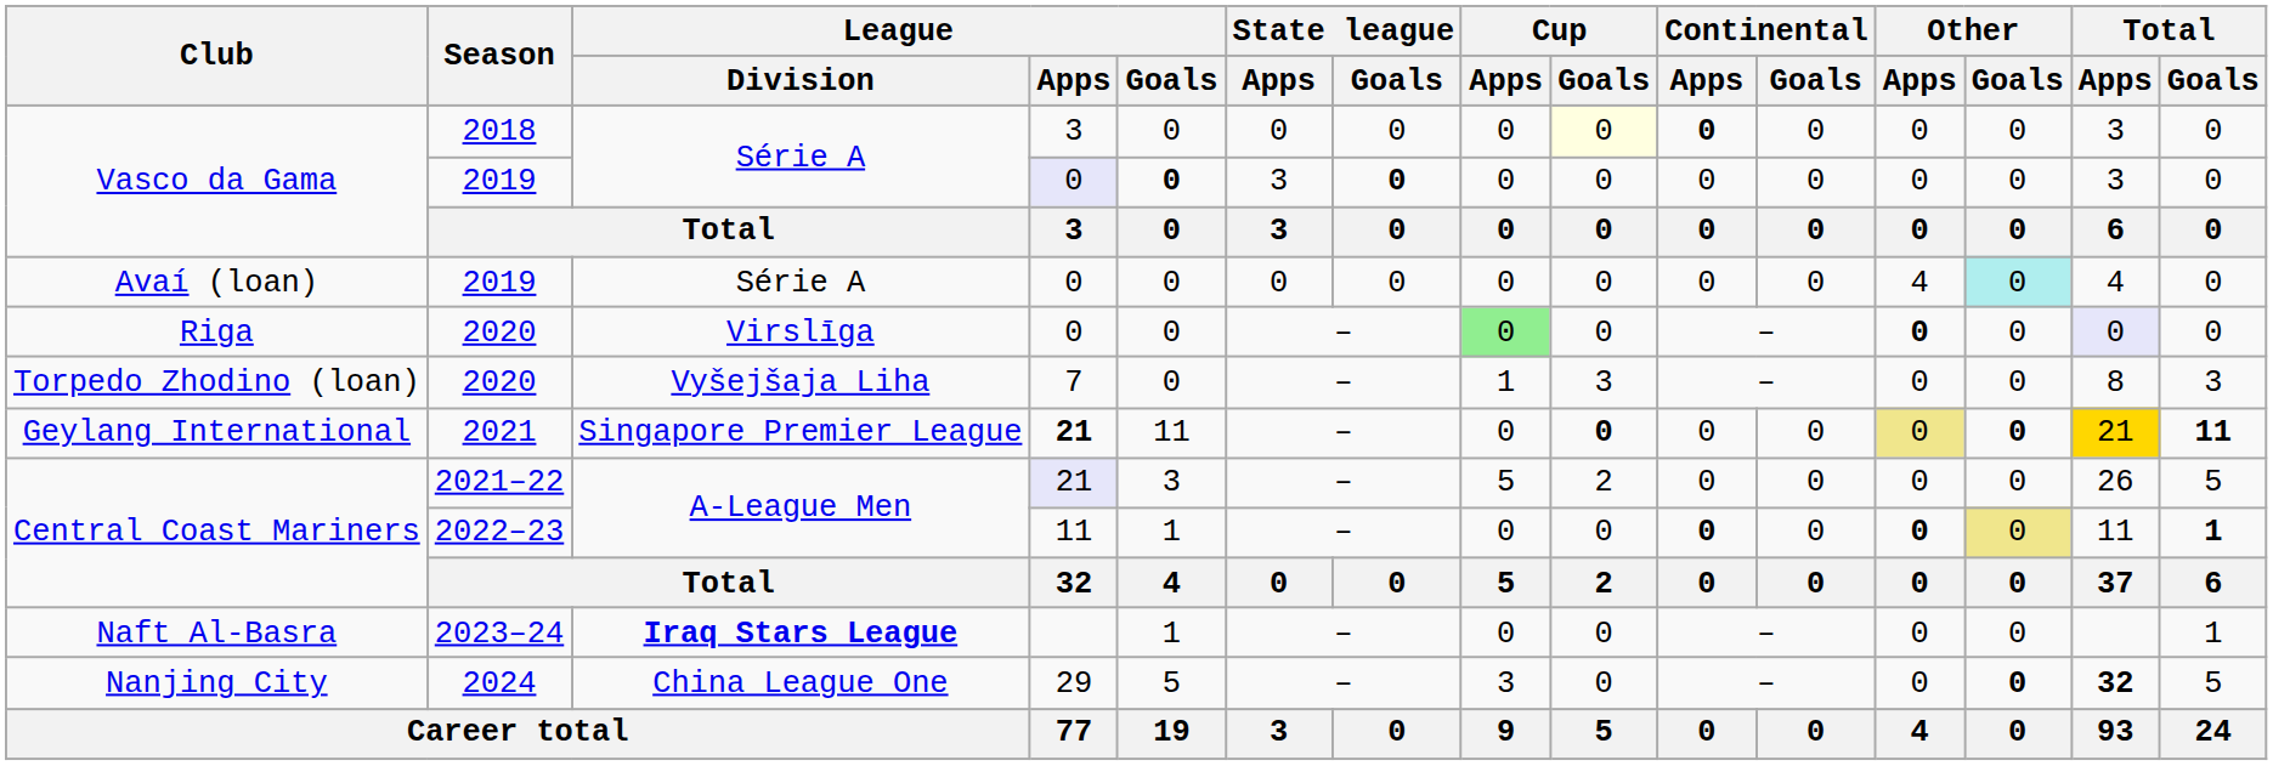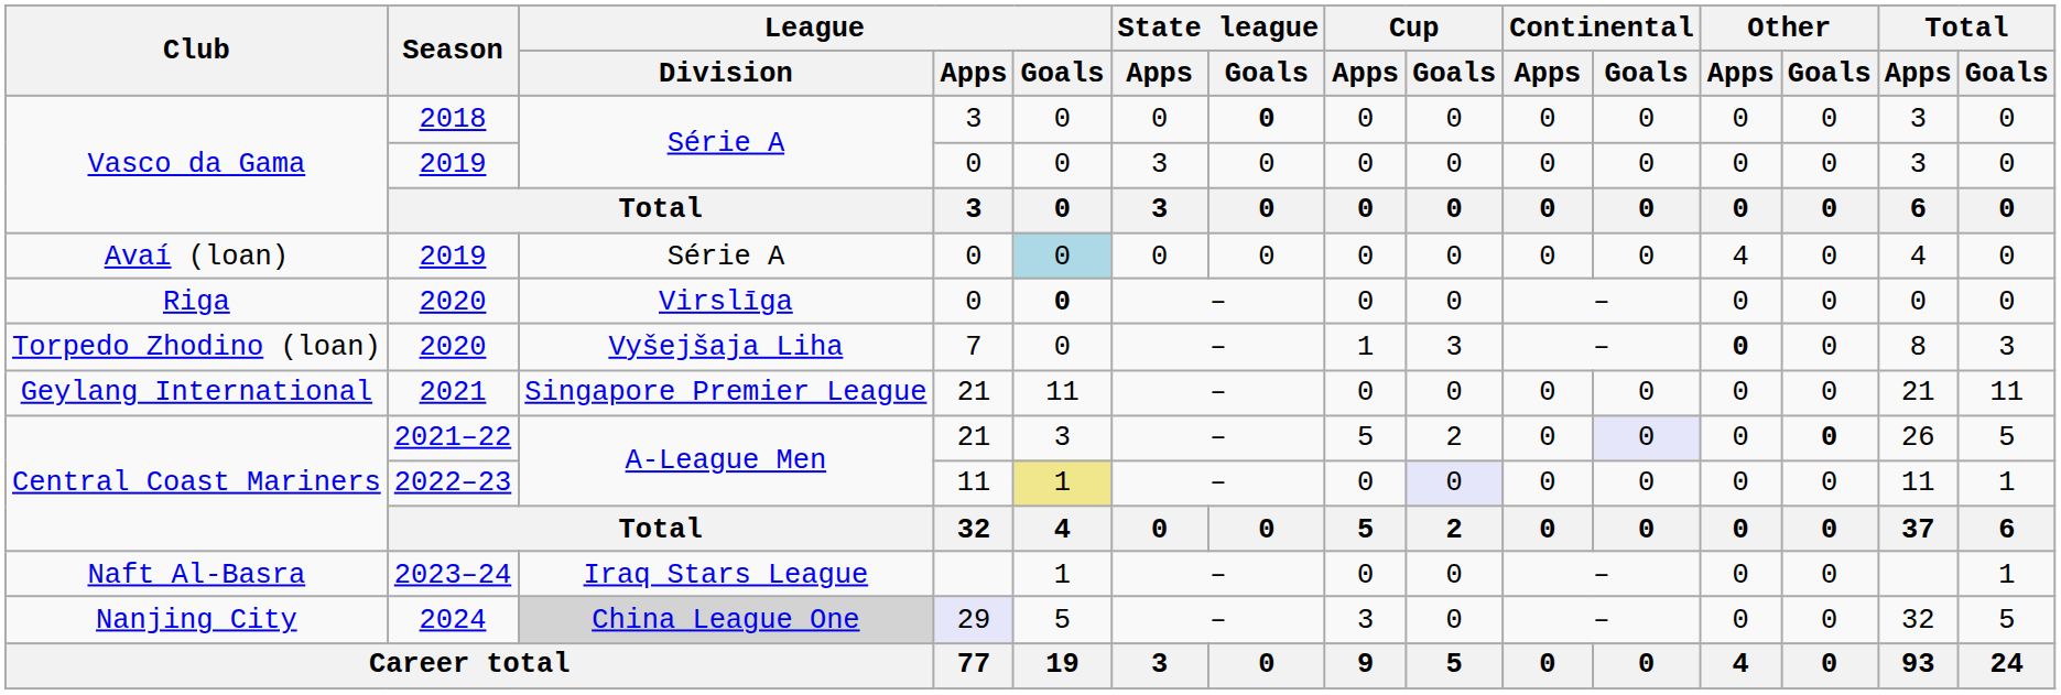 <table class="wikitable" style="text-align:center">
 <tr>
 <th rowspan="2">Club</th>
 <th rowspan="2">Season</th>
 <th colspan="3">League</th>
 <th colspan="2">State league</th>
 <th colspan="2">Cup</th>
 <th colspan="2">Continental</th>
 <th colspan="2">Other</th>
 <th colspan="2">Total</th>
 </tr>
 <tr>
 <th>Division</th>
 <th>Apps</th>
 <th>Goals</th>
 <th>Apps</th>
 <th>Goals</th>
 <th>Apps</th>
 <th>Goals</th>
 <th>Apps</th>
 <th>Goals</th>
 <th>Apps</th>
 <th>Goals</th>
 <th>Apps</th>
 <th>Goals</th>
 </tr>
 <tr>
 <td rowspan="3"><a href='#'>Vasco da Gama</a></td>
 <td><a href='#'>2018</a></td>
 <td rowspan="2"><a href='#'>Série A</a></td>
 <td>3</td>
 <td>0</td>
 <td>0</td>
+<td><strong>0</strong></td>
 <td>0</td>
 <td>0</td>
-<td style="background: lightyellow;">0</td>
-<td><strong>0</strong></td>
+<td>0</td>
 <td>0</td>
 <td>0</td>
 <td>0</td>
 <td>3</td>
 <td>0</td>
 </tr>
 <tr>
 <td><a href='#'>2019</a></td>
-<td style="background: lavender;">0</td>
-<td><strong>0</strong></td>
+<td>0</td>
+<td>0</td>
 <td>3</td>
-<td><strong>0</strong></td>
+<td>0</td>
 <td>0</td>
 <td>0</td>
 <td>0</td>
 <td>0</td>
 <td>0</td>
 <td>0</td>
 <td>3</td>
 <td>0</td>
 </tr>
 <tr>
 <th colspan="2">Total</th>
 <th>3</th>
 <th>0</th>
 <th>3</th>
 <th>0</th>
 <th>0</th>
 <th>0</th>
 <th>0</th>
 <th>0</th>
 <th>0</th>
 <th>0</th>
 <th>6</th>
 <th>0</th>
 </tr>
 <tr>
 <td><a href='#'>Avaí</a> (loan)</td>
 <td><a href='#'>2019</a></td>
 <td>Série A</td>
 <td>0</td>
-<td>0</td>
+<td style="background: lightblue;">0</td>
 <td>0</td>
 <td>0</td>
 <td>0</td>
 <td>0</td>
 <td>0</td>
 <td>0</td>
 <td>4</td>
-<td style="background: paleturquoise;">0</td>
+<td>0</td>
 <td>4</td>
 <td>0</td>
 </tr>
 <tr>
 <td><a href='#'>Riga</a></td>
 <td><a href='#'>2020</a></td>
 <td><a href='#'>Virslīga</a></td>
 <td>0</td>
+<td><strong>0</strong></td>
+<td colspan="2">–</td>
+<td>0</td>
 <td>0</td>
 <td colspan="2">–</td>
-<td style="background: lightgreen;">0</td>
 <td>0</td>
-<td colspan="2">–</td>
-<td><strong>0</strong></td>
 <td>0</td>
-<td style="background: lavender;">0</td>
+<td>0</td>
 <td>0</td>
 </tr>
 <tr>
 <td><a href='#'>Torpedo Zhodino</a> (loan)</td>
 <td><a href='#'>2020</a></td>
 <td><a href='#'>Vyšejšaja Liha</a></td>
 <td>7</td>
 <td>0</td>
 <td colspan="2">–</td>
 <td>1</td>
 <td>3</td>
 <td colspan="2">–</td>
-<td>0</td>
+<td><strong>0</strong></td>
 <td>0</td>
 <td>8</td>
 <td>3</td>
 </tr>
 <tr>
 <td><a href='#'>Geylang International</a></td>
 <td><a href='#'>2021</a></td>
 <td><a href='#'>Singapore Premier League</a></td>
-<td><strong>21</strong></td>
+<td>21</td>
 <td>11</td>
 <td colspan="2">–</td>
 <td>0</td>
-<td><strong>0</strong></td>
 <td>0</td>
 <td>0</td>
-<td style="background: khaki;">0</td>
-<td><strong>0</strong></td>
-<td style="background: gold;">21</td>
-<td><strong>11</strong></td>
+<td>0</td>
+<td>0</td>
+<td>0</td>
+<td>21</td>
+<td>11</td>
 </tr>
 <tr>
 <td rowspan="3"><a href='#'>Central Coast Mariners</a></td>
 <td><a href='#'>2021–22</a></td>
 <td rowspan="2"><a href='#'>A-League Men</a></td>
-<td style="background: lavender;">21</td>
+<td>21</td>
 <td>3</td>
 <td colspan="2">–</td>
 <td>5</td>
 <td>2</td>
 <td>0</td>
+<td style="background: lavender;">0</td>
 <td>0</td>
-<td>0</td>
-<td>0</td>
+<td><strong>0</strong></td>
 <td>26</td>
 <td>5</td>
 </tr>
 <tr>
 <td><a href='#'>2022–23</a></td>
 <td>11</td>
-<td>1</td>
+<td style="background: khaki;">1</td>
 <td colspan="2">–</td>
 <td>0</td>
+<td style="background: lavender;">0</td>
 <td>0</td>
-<td><strong>0</strong></td>
 <td>0</td>
-<td><strong>0</strong></td>
-<td style="background: khaki;">0</td>
+<td>0</td>
+<td>0</td>
 <td>11</td>
-<td><strong>1</strong></td>
+<td>1</td>
 </tr>
 <tr>
 <th colspan="2">Total</th>
 <th>32</th>
 <th>4</th>
 <th>0</th>
 <th>0</th>
 <th>5</th>
 <th>2</th>
 <th>0</th>
 <th>0</th>
 <th>0</th>
 <th>0</th>
 <th>37</th>
 <th>6</th>
 </tr>
 <tr>
 <td><a href='#'>Naft Al-Basra</a></td>
 <td><a href='#'>2023–24</a></td>
-<td><strong><a href='#'>Iraq Stars League</a></strong></td>
+<td><a href='#'>Iraq Stars League</a></td>
 <td></td>
 <td>1</td>
 <td colspan="2">–</td>
 <td>0</td>
 <td>0</td>
 <td colspan="2">–</td>
 <td>0</td>
 <td>0</td>
 <td></td>
 <td>1</td>
 </tr>
 <tr>
 <td><a href='#'>Nanjing City</a></td>
 <td><a href='#'>2024</a></td>
-<td><a href='#'>China League One</a></td>
-<td>29</td>
+<td style="background: lightgrey;"><a href='#'>China League One</a></td>
+<td style="background: lavender;">29</td>
 <td>5</td>
 <td colspan="2">–</td>
 <td>3</td>
 <td>0</td>
 <td colspan="2">–</td>
 <td>0</td>
-<td><strong>0</strong></td>
-<td><strong>32</strong></td>
+<td>0</td>
+<td>32</td>
 <td>5</td>
 </tr>
 <tr>
 <th colspan="3">Career total</th>
 <th>77</th>
 <th>19</th>
 <th>3</th>
 <th>0</th>
 <th>9</th>
 <th>5</th>
 <th>0</th>
 <th>0</th>
 <th>4</th>
 <th>0</th>
 <th>93</th>
 <th>24</th>
 </tr>
 </table>
